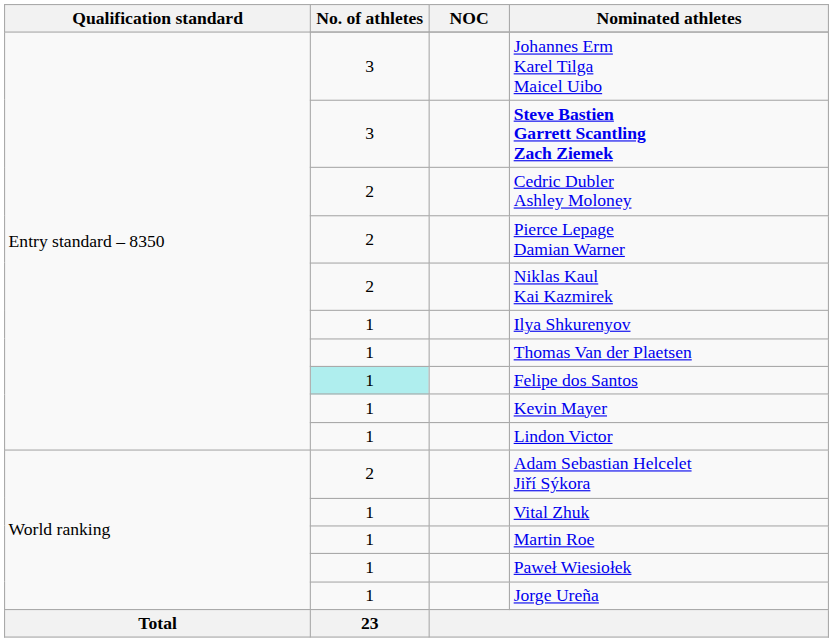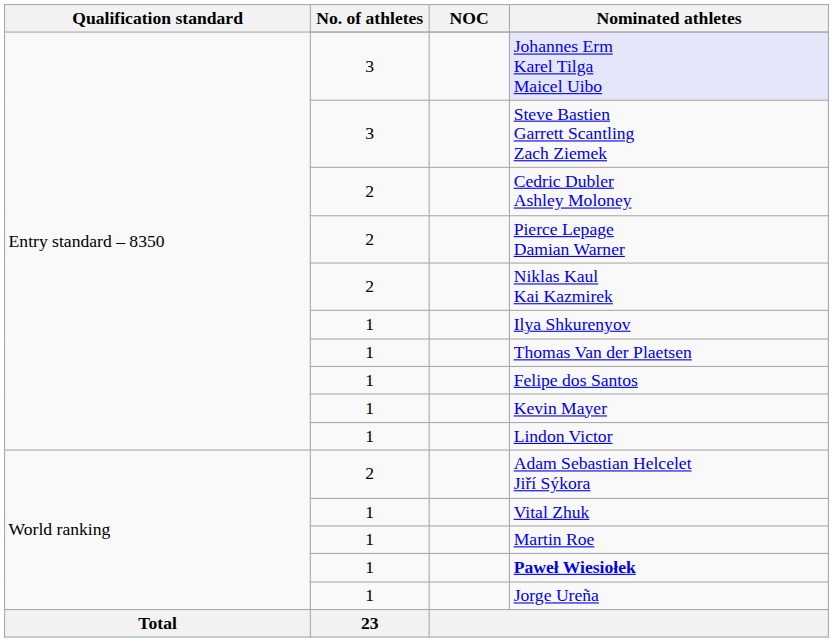 <table class="wikitable" style="text-align:left; width:750px;">
 <tr>
 <th>Qualification standard</th>
 <th width=100>No. of athletes</th>
 <th>NOC</th>
 <th>Nominated athletes</th>
 </tr>
 <tr>
 <td rowspan= 11>Entry standard – 8350</td>
 </tr>
 <tr>
 <td align=center>3</td>
 <td></td>
-<td><a href='#'>Johannes Erm</a><br><a href='#'>Karel Tilga</a><br><a href='#'>Maicel Uibo</a></td>
+<td style="background: lavender;"><a href='#'>Johannes Erm</a><br><a href='#'>Karel Tilga</a><br><a href='#'>Maicel Uibo</a></td>
 </tr>
 <tr>
 <td align=center>3</td>
 <td></td>
-<td><strong><a href='#'>Steve Bastien</a><br><a href='#'>Garrett Scantling</a><br><a href='#'>Zach Ziemek</a></strong></td>
+<td><a href='#'>Steve Bastien</a><br><a href='#'>Garrett Scantling</a><br><a href='#'>Zach Ziemek</a></td>
 </tr>
 <tr>
 <td align=center>2</td>
 <td></td>
 <td><a href='#'>Cedric Dubler</a><br><a href='#'>Ashley Moloney</a></td>
 </tr>
 <tr>
 <td align=center>2</td>
 <td></td>
 <td><a href='#'>Pierce Lepage</a><br><a href='#'>Damian Warner</a></td>
 </tr>
 <tr>
 <td align=center>2</td>
 <td></td>
 <td><a href='#'>Niklas Kaul</a><br><a href='#'>Kai Kazmirek</a></td>
 </tr>
 <tr>
 <td align=center>1</td>
 <td></td>
 <td><a href='#'>Ilya Shkurenyov</a></td>
 </tr>
 <tr>
 <td align=center>1</td>
 <td></td>
 <td><a href='#'>Thomas Van der Plaetsen</a></td>
 </tr>
 <tr>
-<td align=center style="background: paleturquoise;">1</td>
+<td align=center>1</td>
 <td></td>
 <td><a href='#'>Felipe dos Santos</a></td>
 </tr>
 <tr>
 <td align=center>1</td>
 <td></td>
 <td><a href='#'>Kevin Mayer</a></td>
 </tr>
 <tr>
 <td align=center>1</td>
 <td></td>
 <td><a href='#'>Lindon Victor</a></td>
 </tr>
 <tr>
 <td rowspan="5">World ranking</td>
 <td align=center>2</td>
 <td></td>
 <td><a href='#'>Adam Sebastian Helcelet</a><br><a href='#'>Jiří Sýkora</a></td>
 </tr>
 <tr>
 <td align=center>1</td>
 <td></td>
 <td><a href='#'>Vital Zhuk</a></td>
 </tr>
 <tr>
 <td align=center>1</td>
 <td></td>
 <td><a href='#'>Martin Roe</a></td>
 </tr>
 <tr>
 <td align=center>1</td>
 <td></td>
-<td><a href='#'>Paweł Wiesiołek</a></td>
+<td><strong><a href='#'>Paweł Wiesiołek</a></strong></td>
 </tr>
 <tr>
 <td align=center>1</td>
 <td></td>
 <td><a href='#'>Jorge Ureña</a></td>
 </tr>
 <tr>
 <th>Total</th>
 <th>23</th>
 <th colspan=2></th>
 </tr>
 </table>
